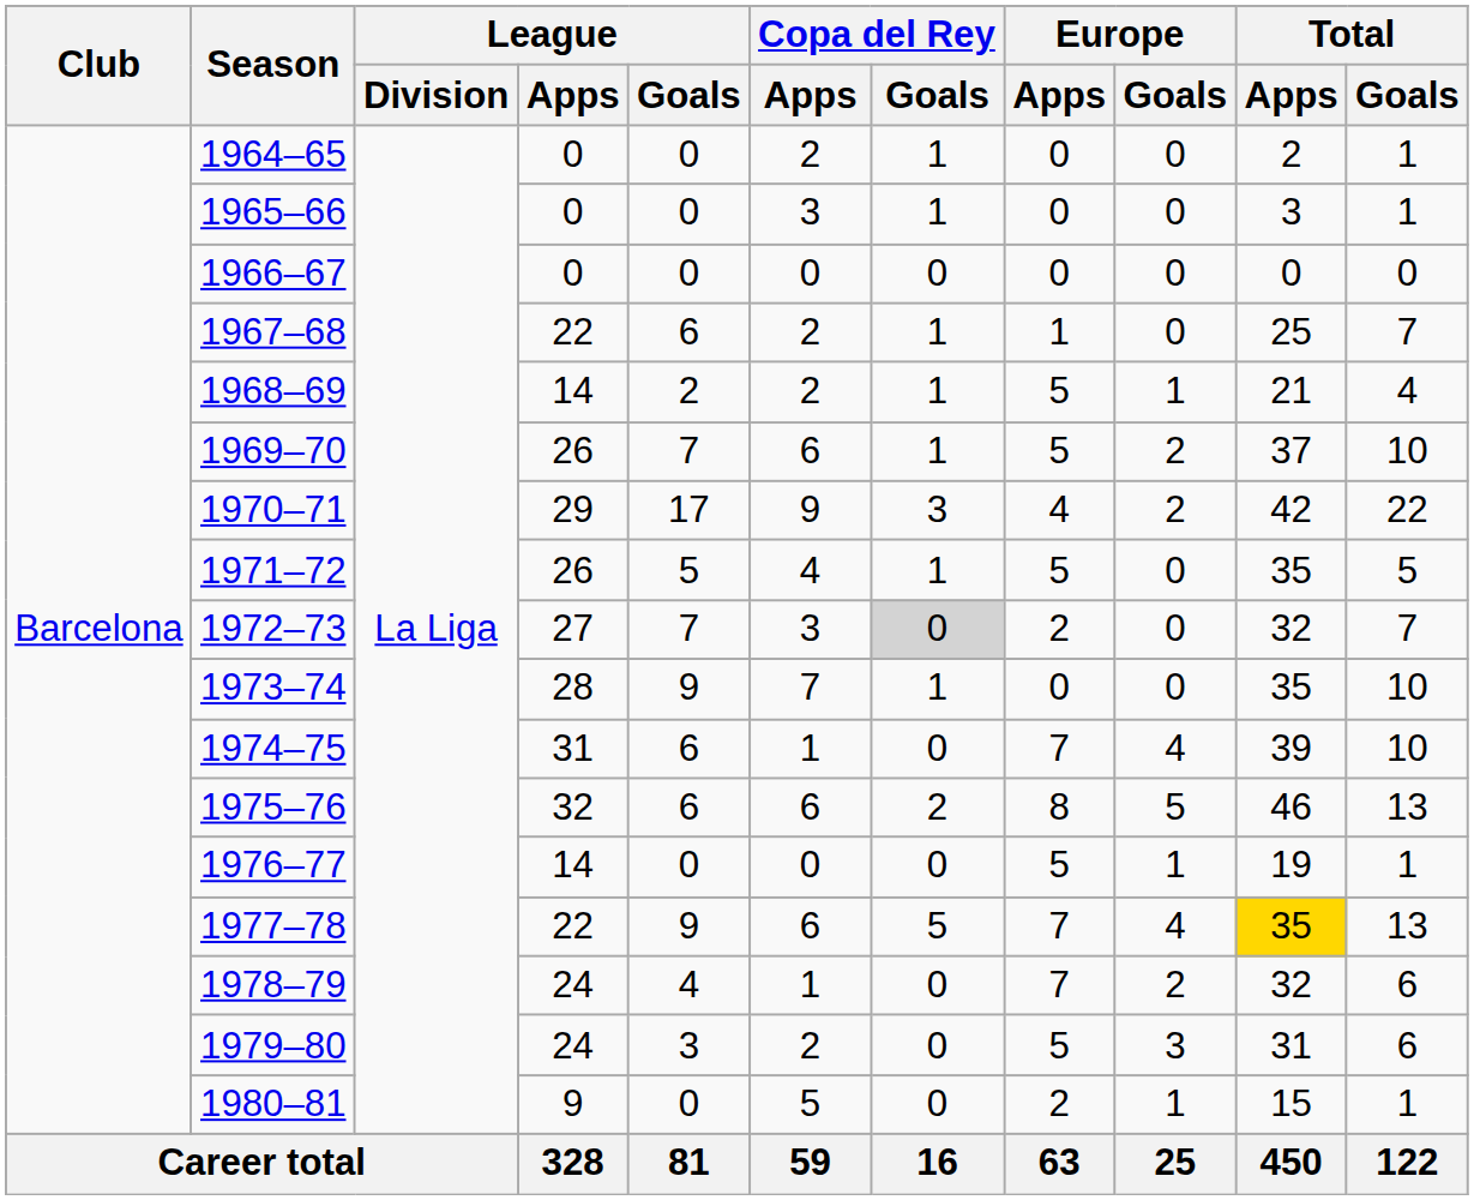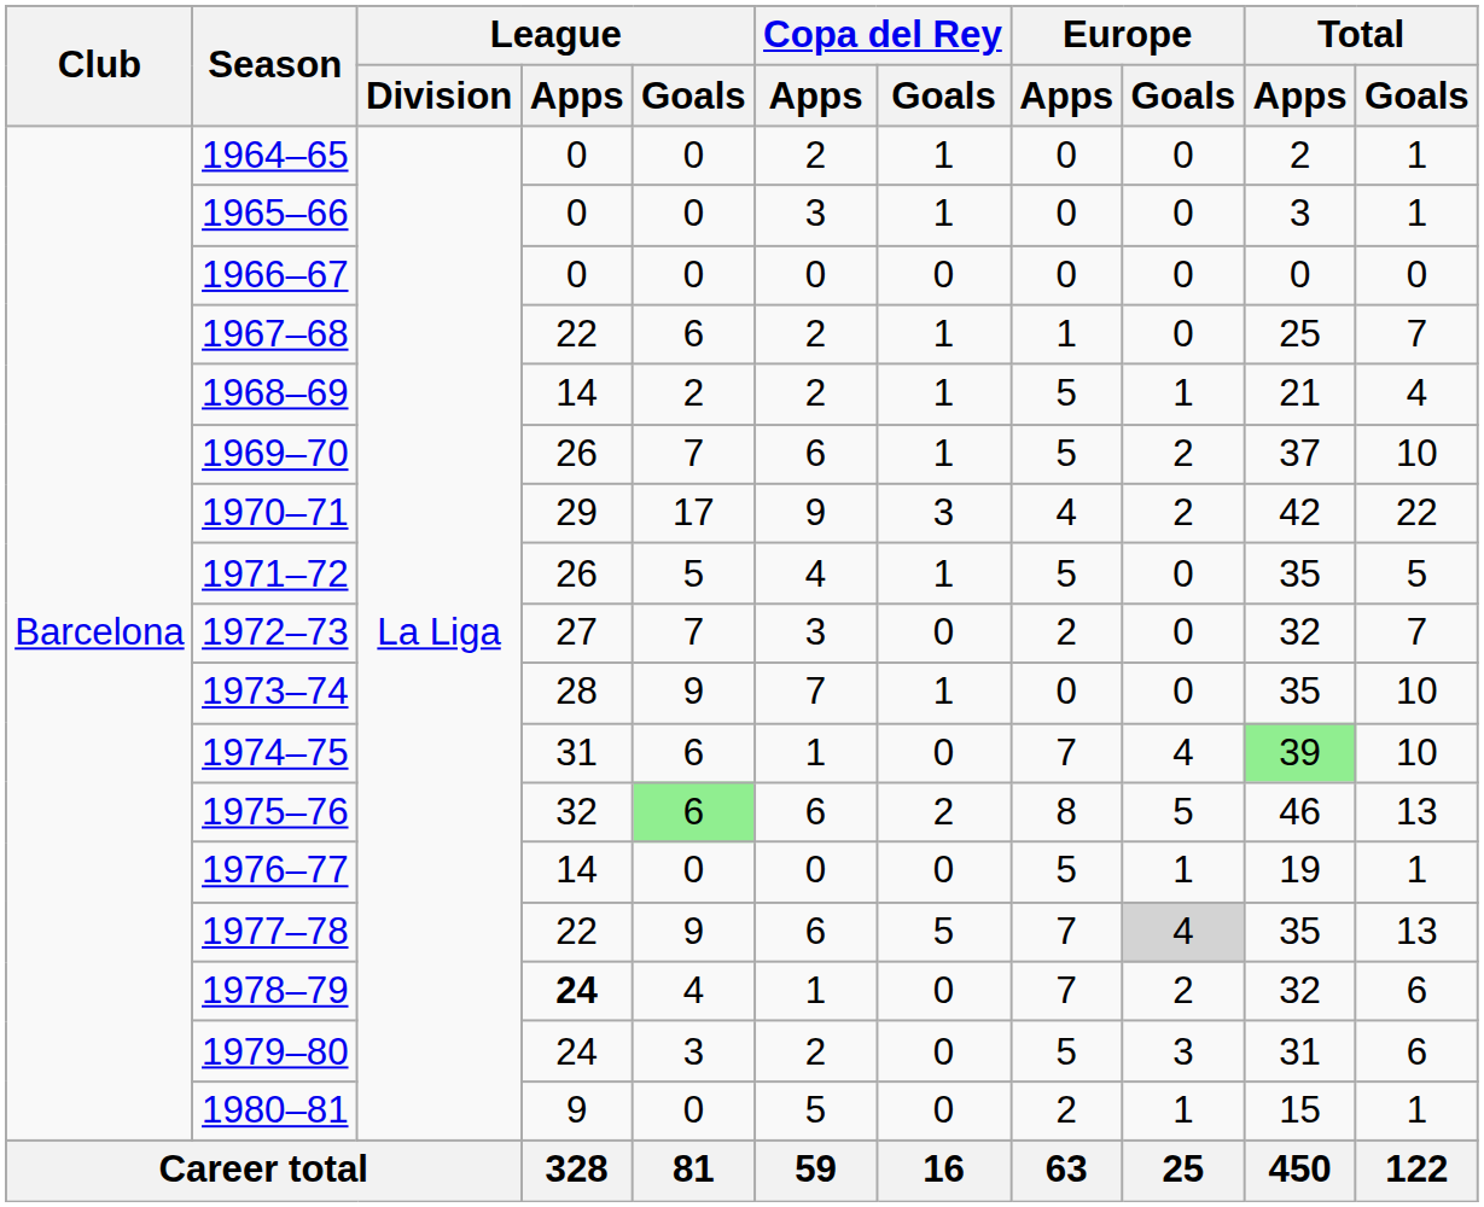 <table class="wikitable" style="text-align:center">
 <tr>
 <th rowspan="2">Club</th>
 <th rowspan="2">Season</th>
 <th colspan="3">League</th>
 <th colspan="2"><a href='#'>Copa del Rey</a></th>
 <th colspan="2">Europe</th>
 <th colspan="2">Total</th>
 </tr>
 <tr>
 <th>Division</th>
 <th>Apps</th>
 <th>Goals</th>
 <th>Apps</th>
 <th>Goals</th>
 <th>Apps</th>
 <th>Goals</th>
 <th>Apps</th>
 <th>Goals</th>
 </tr>
 <tr>
 <td rowspan="17"><a href='#'>Barcelona</a></td>
 <td><a href='#'>1964–65</a></td>
 <td rowspan="17"><a href='#'>La Liga</a></td>
 <td>0</td>
 <td>0</td>
 <td>2</td>
 <td>1</td>
 <td>0</td>
 <td>0</td>
 <td>2</td>
 <td>1</td>
 </tr>
 <tr>
 <td><a href='#'>1965–66</a></td>
 <td>0</td>
 <td>0</td>
 <td>3</td>
 <td>1</td>
 <td>0</td>
 <td>0</td>
 <td>3</td>
 <td>1</td>
 </tr>
 <tr>
 <td><a href='#'>1966–67</a></td>
 <td>0</td>
 <td>0</td>
 <td>0</td>
 <td>0</td>
 <td>0</td>
 <td>0</td>
 <td>0</td>
 <td>0</td>
 </tr>
 <tr>
 <td><a href='#'>1967–68</a></td>
 <td>22</td>
 <td>6</td>
 <td>2</td>
 <td>1</td>
 <td>1</td>
 <td>0</td>
 <td>25</td>
 <td>7</td>
 </tr>
 <tr>
 <td><a href='#'>1968–69</a></td>
 <td>14</td>
 <td>2</td>
 <td>2</td>
 <td>1</td>
 <td>5</td>
 <td>1</td>
 <td>21</td>
 <td>4</td>
 </tr>
 <tr>
 <td><a href='#'>1969–70</a></td>
 <td>26</td>
 <td>7</td>
 <td>6</td>
 <td>1</td>
 <td>5</td>
 <td>2</td>
 <td>37</td>
 <td>10</td>
 </tr>
 <tr>
 <td><a href='#'>1970–71</a></td>
 <td>29</td>
 <td>17</td>
 <td>9</td>
 <td>3</td>
 <td>4</td>
 <td>2</td>
 <td>42</td>
 <td>22</td>
 </tr>
 <tr>
 <td><a href='#'>1971–72</a></td>
 <td>26</td>
 <td>5</td>
 <td>4</td>
 <td>1</td>
 <td>5</td>
 <td>0</td>
 <td>35</td>
 <td>5</td>
 </tr>
 <tr>
 <td><a href='#'>1972–73</a></td>
 <td>27</td>
 <td>7</td>
 <td>3</td>
-<td style="background: lightgrey;">0</td>
+<td>0</td>
 <td>2</td>
 <td>0</td>
 <td>32</td>
 <td>7</td>
 </tr>
 <tr>
 <td><a href='#'>1973–74</a></td>
 <td>28</td>
 <td>9</td>
 <td>7</td>
 <td>1</td>
 <td>0</td>
 <td>0</td>
 <td>35</td>
 <td>10</td>
 </tr>
 <tr>
 <td><a href='#'>1974–75</a></td>
 <td>31</td>
 <td>6</td>
 <td>1</td>
 <td>0</td>
 <td>7</td>
 <td>4</td>
-<td>39</td>
+<td style="background: lightgreen;">39</td>
 <td>10</td>
 </tr>
 <tr>
 <td><a href='#'>1975–76</a></td>
 <td>32</td>
-<td>6</td>
+<td style="background: lightgreen;">6</td>
 <td>6</td>
 <td>2</td>
 <td>8</td>
 <td>5</td>
 <td>46</td>
 <td>13</td>
 </tr>
 <tr>
 <td><a href='#'>1976–77</a></td>
 <td>14</td>
 <td>0</td>
 <td>0</td>
 <td>0</td>
 <td>5</td>
 <td>1</td>
 <td>19</td>
 <td>1</td>
 </tr>
 <tr>
 <td><a href='#'>1977–78</a></td>
 <td>22</td>
 <td>9</td>
 <td>6</td>
 <td>5</td>
 <td>7</td>
-<td>4</td>
-<td style="background: gold;">35</td>
+<td style="background: lightgrey;">4</td>
+<td>35</td>
 <td>13</td>
 </tr>
 <tr>
 <td><a href='#'>1978–79</a></td>
-<td>24</td>
+<td><strong>24</strong></td>
 <td>4</td>
 <td>1</td>
 <td>0</td>
 <td>7</td>
 <td>2</td>
 <td>32</td>
 <td>6</td>
 </tr>
 <tr>
 <td><a href='#'>1979–80</a></td>
 <td>24</td>
 <td>3</td>
 <td>2</td>
 <td>0</td>
 <td>5</td>
 <td>3</td>
 <td>31</td>
 <td>6</td>
 </tr>
 <tr>
 <td><a href='#'>1980–81</a></td>
 <td>9</td>
 <td>0</td>
 <td>5</td>
 <td>0</td>
 <td>2</td>
 <td>1</td>
 <td>15</td>
 <td>1</td>
 </tr>
 <tr>
 <th colspan="3">Career total</th>
 <th>328</th>
 <th>81</th>
 <th>59</th>
 <th>16</th>
 <th>63</th>
 <th>25</th>
 <th>450</th>
 <th>122</th>
 </tr>
 </table>
